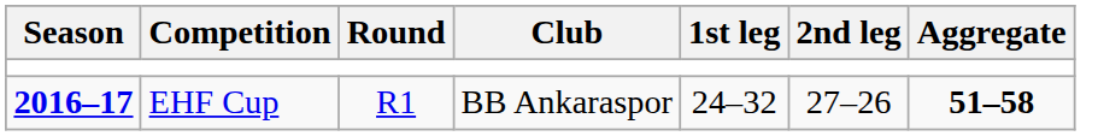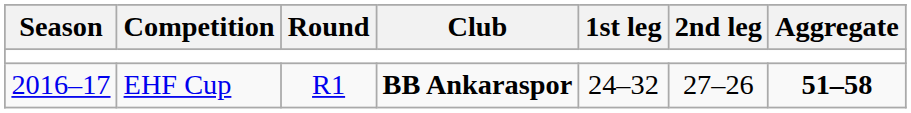 <table class="wikitable">
 <tr>
 <th>Season</th>
 <th>Competition</th>
 <th>Round</th>
 <th>Club</th>
 <th>1st leg</th>
 <th>2nd leg</th>
 <th>Aggregate</th>
 </tr>
 <tr>
 <td colspan="7" bgcolor=white></td>
 </tr>
 <tr>
-<td><strong><a href='#'>2016–17</a></strong></td>
+<td><a href='#'>2016–17</a></td>
 <td><a href='#'>EHF Cup</a></td>
 <td style="text-align:center;"><a href='#'>R1</a></td>
-<td> BB Ankaraspor</td>
+<td><strong> BB Ankaraspor</strong></td>
 <td style="text-align:center;">24–32</td>
 <td style="text-align:center;">27–26</td>
 <td style="text-align:center;"><strong>51–58</strong></td>
 </tr>
 </table>
